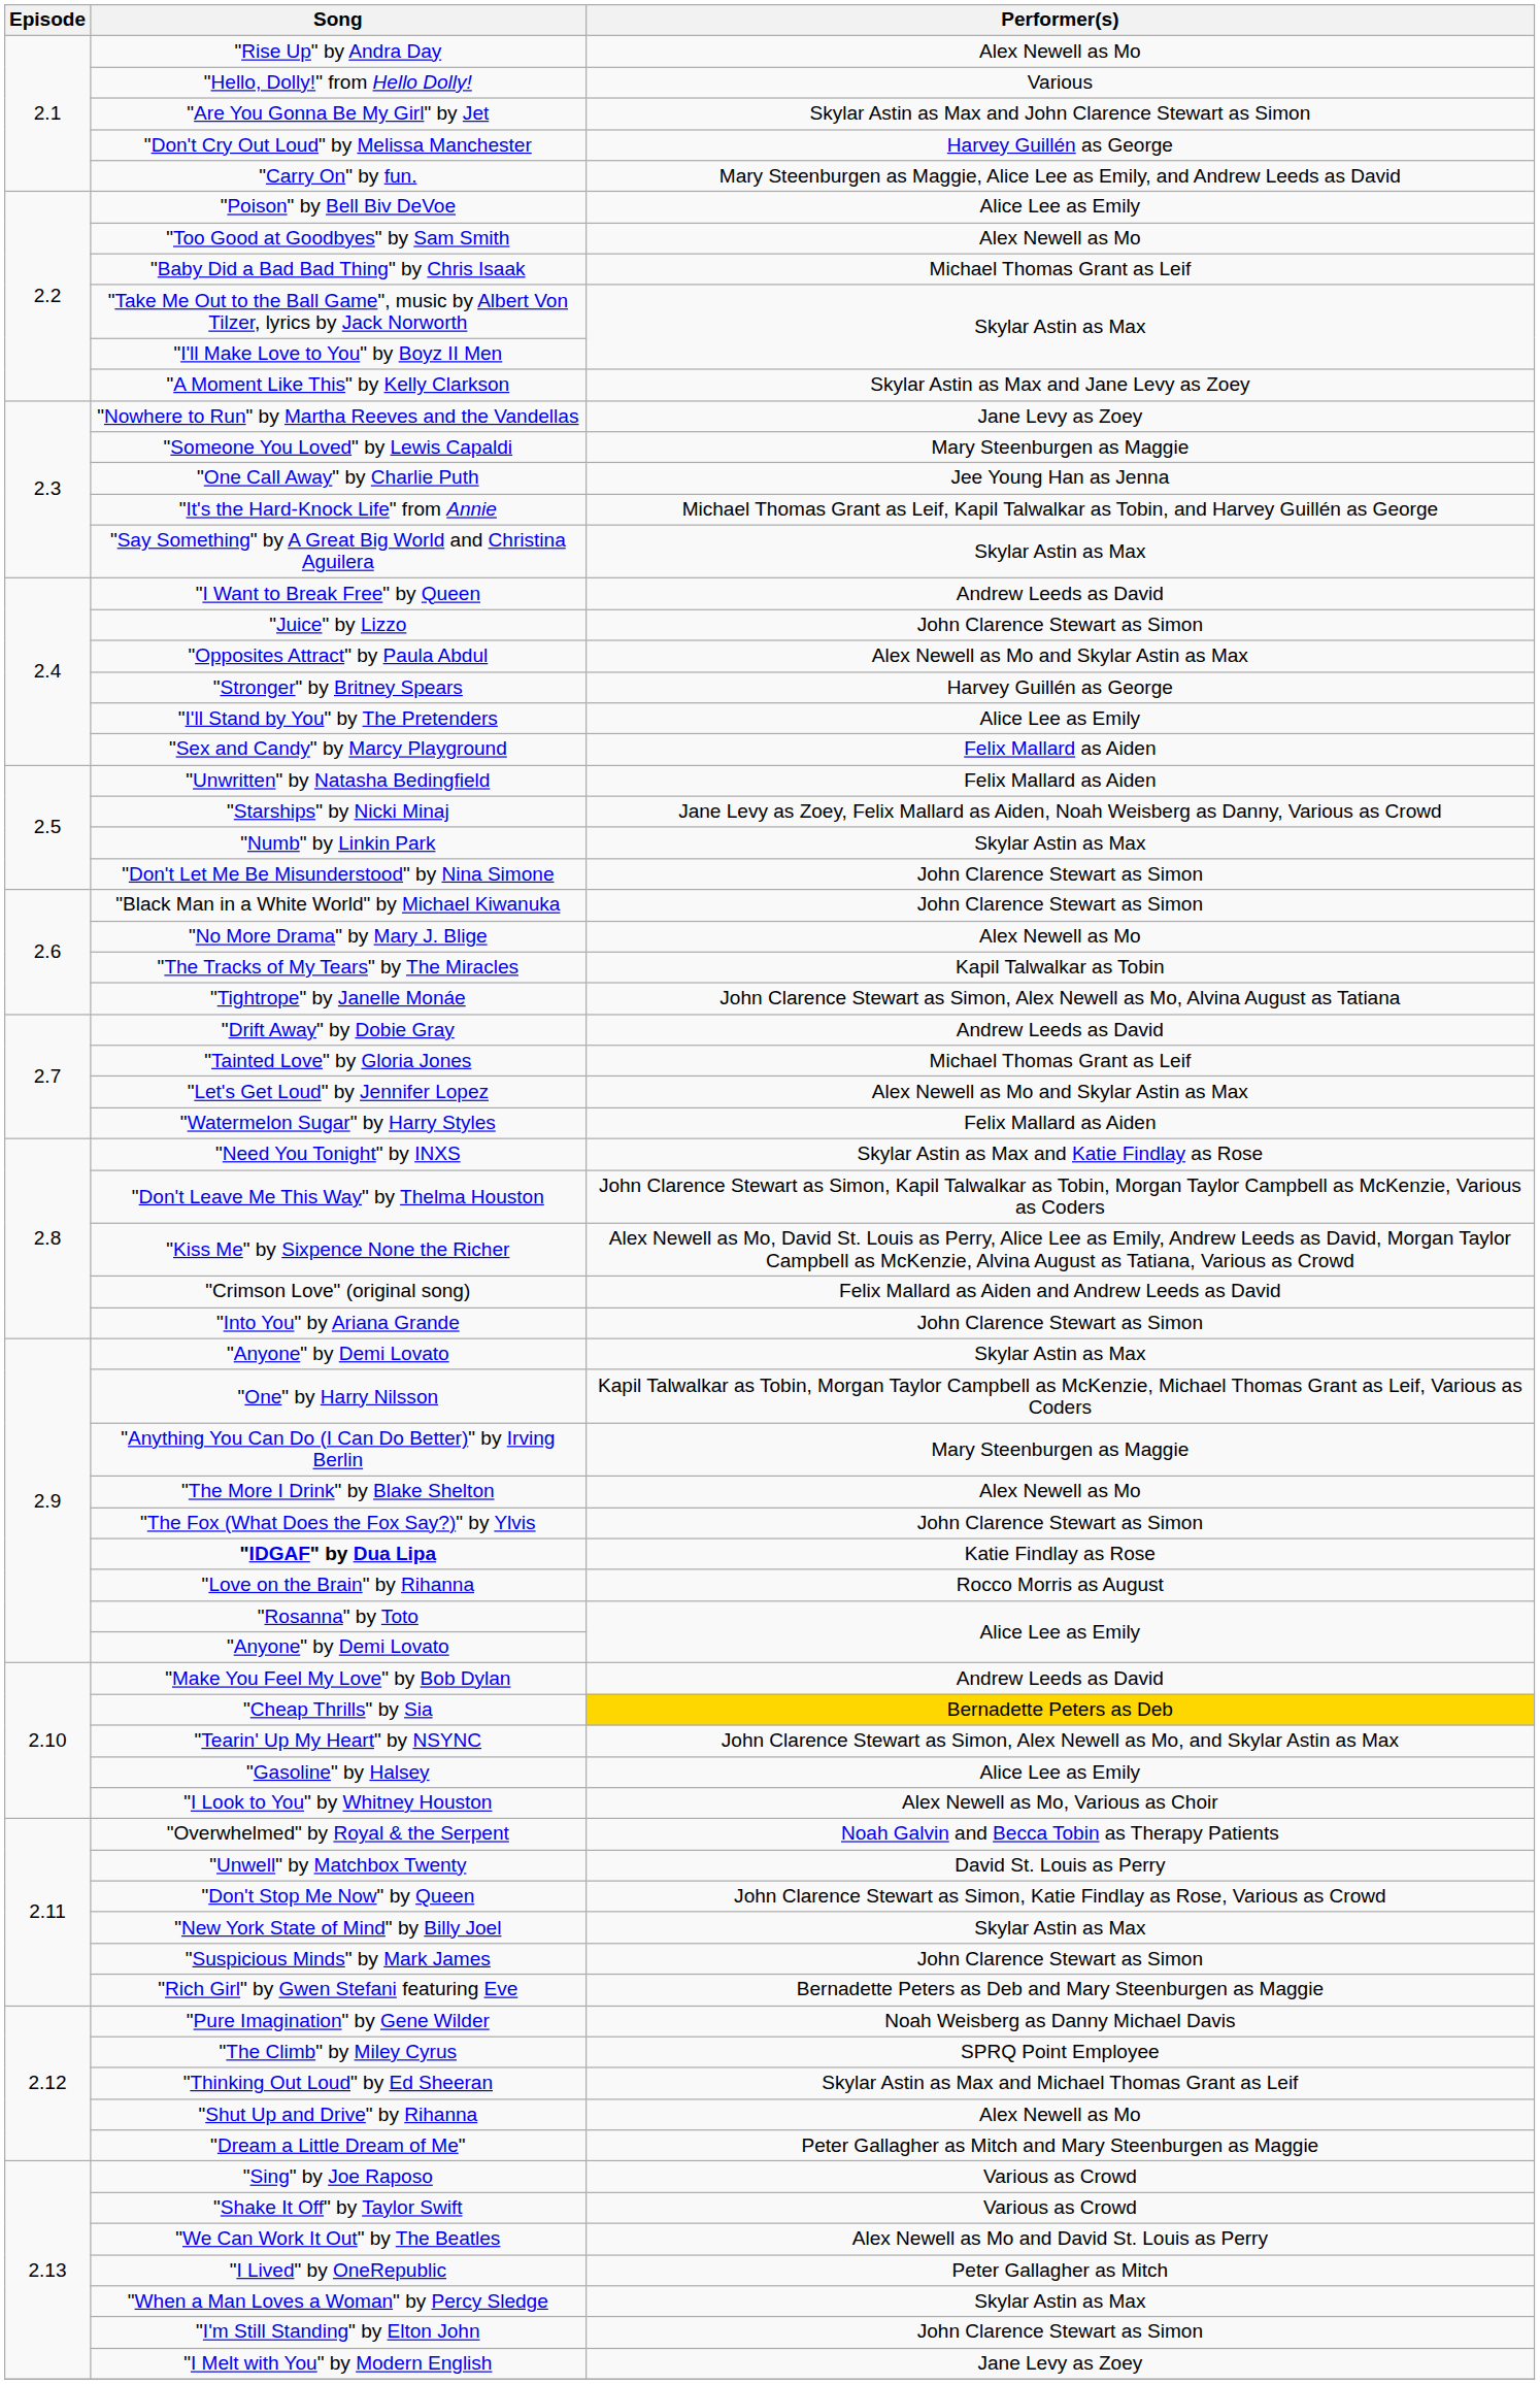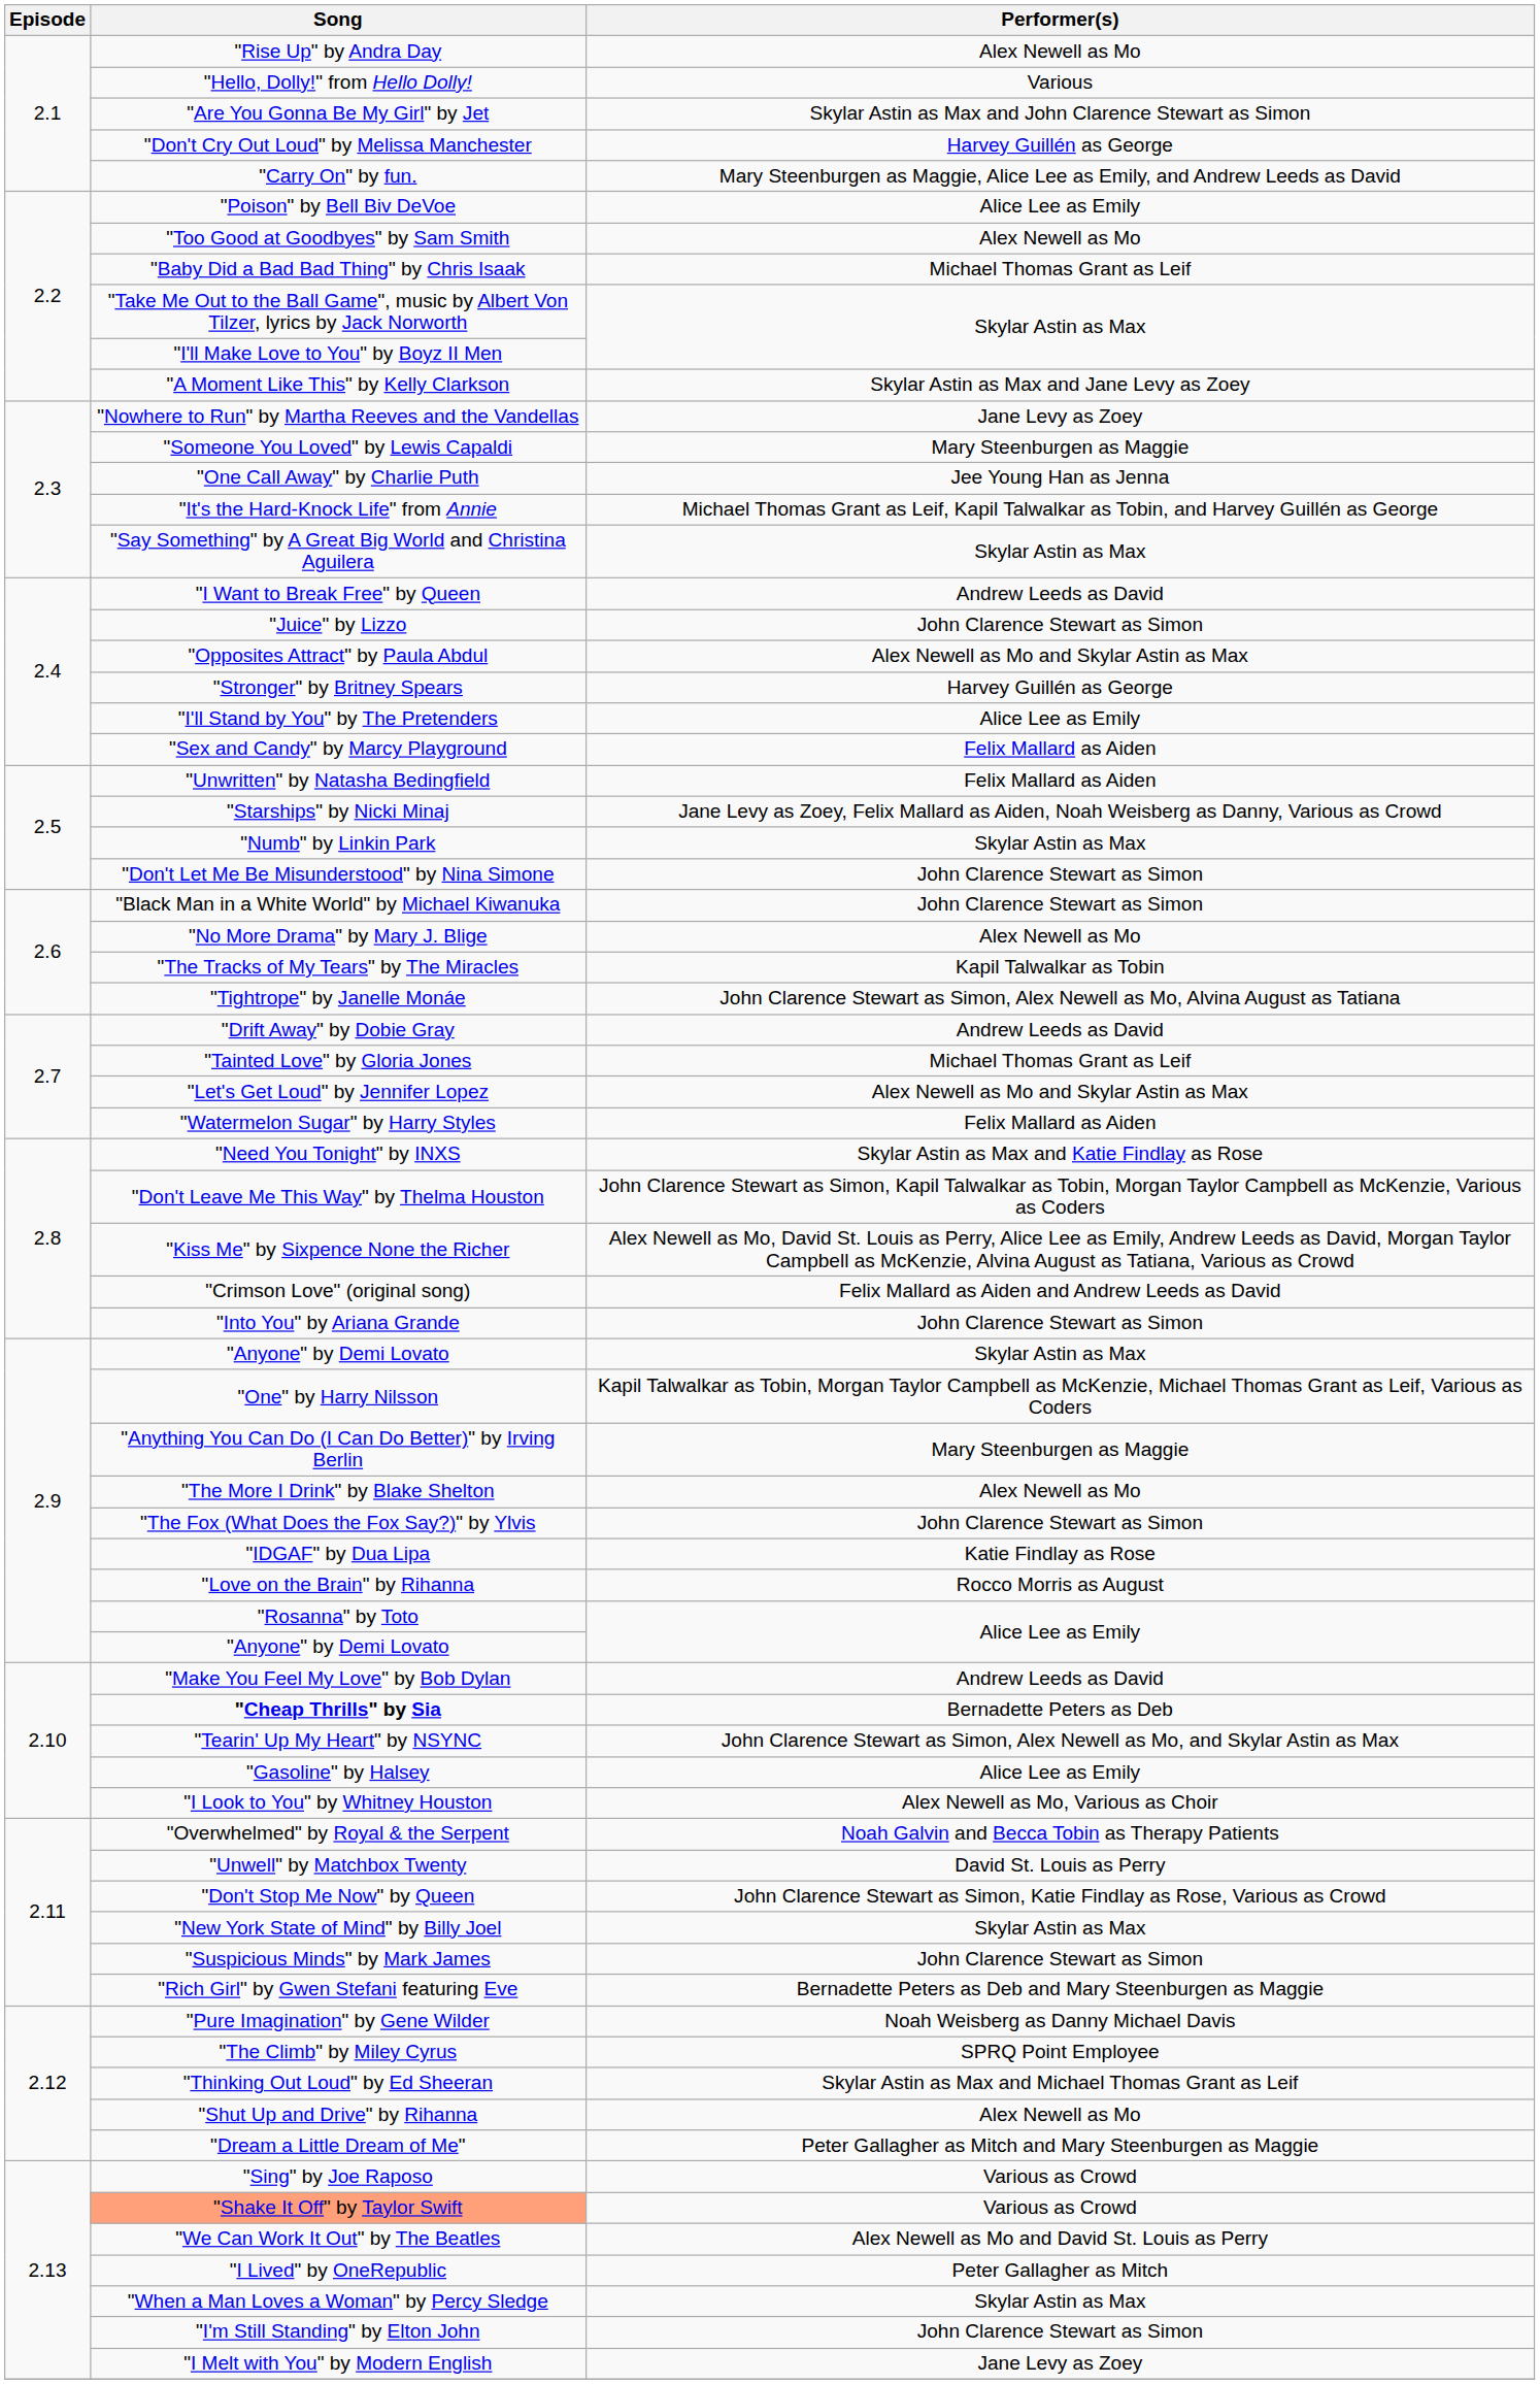 <table class="wikitable plainrowheaders" style="text-align:center;">
 <tr>
 <th style="row">Episode</th>
 <th style="row">Song</th>
 <th style="row">Performer(s)</th>
 </tr>
 <tr>
 <td rowspan="5">2.1</td>
 <td>"<a href='#'>Rise Up</a>" by <a href='#'>Andra Day</a></td>
 <td>Alex Newell as Mo</td>
 </tr>
 <tr>
 <td>"<a href='#'>Hello, Dolly!</a>" from <em><a href='#'>Hello Dolly!</a></em></td>
 <td>Various</td>
 </tr>
 <tr>
 <td>"<a href='#'>Are You Gonna Be My Girl</a>" by <a href='#'>Jet</a></td>
 <td>Skylar Astin as Max and John Clarence Stewart as Simon</td>
 </tr>
 <tr>
 <td>"<a href='#'>Don't Cry Out Loud</a>" by <a href='#'>Melissa Manchester</a></td>
 <td><a href='#'>Harvey Guillén</a> as George</td>
 </tr>
 <tr>
 <td>"<a href='#'>Carry On</a>" by <a href='#'>fun.</a></td>
 <td>Mary Steenburgen as Maggie, Alice Lee as Emily, and Andrew Leeds as David</td>
 </tr>
 <tr>
 <td rowspan="6">2.2</td>
 <td>"<a href='#'>Poison</a>" by <a href='#'>Bell Biv DeVoe</a></td>
 <td>Alice Lee as Emily</td>
 </tr>
 <tr>
 <td>"<a href='#'>Too Good at Goodbyes</a>" by <a href='#'>Sam Smith</a></td>
 <td>Alex Newell as Mo</td>
 </tr>
 <tr>
 <td>"<a href='#'>Baby Did a Bad Bad Thing</a>" by <a href='#'>Chris Isaak</a></td>
 <td>Michael Thomas Grant as Leif</td>
 </tr>
 <tr>
 <td>"<a href='#'>Take Me Out to the Ball Game</a>", music by <a href='#'>Albert Von Tilzer</a>, lyrics by <a href='#'>Jack Norworth</a></td>
 <td rowspan="2">Skylar Astin as Max</td>
 </tr>
 <tr>
 <td>"<a href='#'>I'll Make Love to You</a>" by <a href='#'>Boyz II Men</a></td>
 </tr>
 <tr>
 <td>"<a href='#'>A Moment Like This</a>" by <a href='#'>Kelly Clarkson</a></td>
 <td>Skylar Astin as Max and Jane Levy as Zoey</td>
 </tr>
 <tr>
 <td rowspan="5">2.3</td>
 <td>"<a href='#'>Nowhere to Run</a>" by <a href='#'>Martha Reeves and the Vandellas</a></td>
 <td>Jane Levy as Zoey</td>
 </tr>
 <tr>
 <td>"<a href='#'>Someone You Loved</a>" by <a href='#'>Lewis Capaldi</a></td>
 <td>Mary Steenburgen as Maggie</td>
 </tr>
 <tr>
 <td>"<a href='#'>One Call Away</a>" by <a href='#'>Charlie Puth</a></td>
 <td>Jee Young Han as Jenna</td>
 </tr>
 <tr>
 <td>"<a href='#'>It's the Hard-Knock Life</a>" from <em><a href='#'>Annie</a></em></td>
 <td>Michael Thomas Grant as Leif, Kapil Talwalkar as Tobin, and Harvey Guillén as George</td>
 </tr>
 <tr>
 <td>"<a href='#'>Say Something</a>" by <a href='#'>A Great Big World</a> and <a href='#'>Christina Aguilera</a></td>
 <td>Skylar Astin as Max</td>
 </tr>
 <tr>
 <td rowspan="6">2.4</td>
 <td>"<a href='#'>I Want to Break Free</a>" by <a href='#'>Queen</a></td>
 <td>Andrew Leeds as David</td>
 </tr>
 <tr>
 <td>"<a href='#'>Juice</a>" by <a href='#'>Lizzo</a></td>
 <td>John Clarence Stewart as Simon</td>
 </tr>
 <tr>
 <td>"<a href='#'>Opposites Attract</a>" by <a href='#'>Paula Abdul</a></td>
 <td>Alex Newell as Mo and Skylar Astin as Max</td>
 </tr>
 <tr>
 <td>"<a href='#'>Stronger</a>" by <a href='#'>Britney Spears</a></td>
 <td>Harvey Guillén as George</td>
 </tr>
 <tr>
 <td>"<a href='#'>I'll Stand by You</a>" by <a href='#'>The Pretenders</a></td>
 <td>Alice Lee as Emily</td>
 </tr>
 <tr>
 <td>"<a href='#'>Sex and Candy</a>" by <a href='#'>Marcy Playground</a></td>
 <td><a href='#'>Felix Mallard</a> as Aiden</td>
 </tr>
 <tr>
 <td rowspan="4">2.5</td>
 <td>"<a href='#'>Unwritten</a>" by <a href='#'>Natasha Bedingfield</a></td>
 <td>Felix Mallard as Aiden</td>
 </tr>
 <tr>
 <td>"<a href='#'>Starships</a>" by <a href='#'>Nicki Minaj</a></td>
 <td>Jane Levy as Zoey, Felix Mallard as Aiden, Noah Weisberg as Danny, Various as Crowd</td>
 </tr>
 <tr>
 <td>"<a href='#'>Numb</a>" by <a href='#'>Linkin Park</a></td>
 <td>Skylar Astin as Max</td>
 </tr>
 <tr>
 <td>"<a href='#'>Don't Let Me Be Misunderstood</a>" by <a href='#'>Nina Simone</a></td>
 <td>John Clarence Stewart as Simon</td>
 </tr>
 <tr>
 <td rowspan="4">2.6</td>
 <td>"Black Man in a White World" by <a href='#'>Michael Kiwanuka</a></td>
 <td>John Clarence Stewart as Simon</td>
 </tr>
 <tr>
 <td>"<a href='#'>No More Drama</a>" by <a href='#'>Mary J. Blige</a></td>
 <td>Alex Newell as Mo</td>
 </tr>
 <tr>
 <td>"<a href='#'>The Tracks of My Tears</a>" by <a href='#'>The Miracles</a></td>
 <td>Kapil Talwalkar as Tobin</td>
 </tr>
 <tr>
 <td>"<a href='#'>Tightrope</a>" by <a href='#'>Janelle Monáe</a></td>
 <td>John Clarence Stewart as Simon, Alex Newell as Mo, Alvina August as Tatiana</td>
 </tr>
 <tr>
 <td rowspan="4">2.7</td>
 <td>"<a href='#'>Drift Away</a>" by <a href='#'>Dobie Gray</a></td>
 <td>Andrew Leeds as David</td>
 </tr>
 <tr>
 <td>"<a href='#'>Tainted Love</a>" by <a href='#'>Gloria Jones</a></td>
 <td>Michael Thomas Grant as Leif</td>
 </tr>
 <tr>
 <td>"<a href='#'>Let's Get Loud</a>" by <a href='#'>Jennifer Lopez</a></td>
 <td>Alex Newell as Mo and Skylar Astin as Max</td>
 </tr>
 <tr>
 <td>"<a href='#'>Watermelon Sugar</a>" by <a href='#'>Harry Styles</a></td>
 <td>Felix Mallard as Aiden</td>
 </tr>
 <tr>
 <td rowspan="5">2.8</td>
 <td>"<a href='#'>Need You Tonight</a>" by <a href='#'>INXS</a></td>
 <td>Skylar Astin as Max and <a href='#'>Katie Findlay</a> as Rose</td>
 </tr>
 <tr>
 <td>"<a href='#'>Don't Leave Me This Way</a>" by <a href='#'>Thelma Houston</a></td>
 <td>John Clarence Stewart as Simon, Kapil Talwalkar as Tobin, Morgan Taylor Campbell as McKenzie, Various as Coders</td>
 </tr>
 <tr>
 <td>"<a href='#'>Kiss Me</a>" by <a href='#'>Sixpence None the Richer</a></td>
 <td>Alex Newell as Mo, David St. Louis as Perry, Alice Lee as Emily, Andrew Leeds as David, Morgan Taylor Campbell as McKenzie, Alvina August as Tatiana, Various as Crowd</td>
 </tr>
 <tr>
 <td>"Crimson Love" (original song)</td>
 <td>Felix Mallard as Aiden and Andrew Leeds as David</td>
 </tr>
 <tr>
 <td>"<a href='#'>Into You</a>" by <a href='#'>Ariana Grande</a></td>
 <td>John Clarence Stewart as Simon</td>
 </tr>
 <tr>
 <td rowspan="9">2.9</td>
 <td>"<a href='#'>Anyone</a>" by <a href='#'>Demi Lovato</a></td>
 <td>Skylar Astin as Max</td>
 </tr>
 <tr>
 <td>"<a href='#'>One</a>" by <a href='#'>Harry Nilsson</a></td>
 <td>Kapil Talwalkar as Tobin, Morgan Taylor Campbell as McKenzie, Michael Thomas Grant as Leif, Various as Coders</td>
 </tr>
 <tr>
 <td>"<a href='#'>Anything You Can Do (I Can Do Better)</a>" by <a href='#'>Irving Berlin</a></td>
 <td>Mary Steenburgen as Maggie</td>
 </tr>
 <tr>
 <td>"<a href='#'>The More I Drink</a>" by <a href='#'>Blake Shelton</a></td>
 <td>Alex Newell as Mo</td>
 </tr>
 <tr>
 <td>"<a href='#'>The Fox (What Does the Fox Say?)</a>" by <a href='#'>Ylvis</a></td>
 <td>John Clarence Stewart as Simon</td>
 </tr>
 <tr>
-<td><strong>"<a href='#'>IDGAF</a>" by <a href='#'>Dua Lipa</a></strong></td>
+<td>"<a href='#'>IDGAF</a>" by <a href='#'>Dua Lipa</a></td>
 <td>Katie Findlay as Rose</td>
 </tr>
 <tr>
 <td>"<a href='#'>Love on the Brain</a>" by <a href='#'>Rihanna</a></td>
 <td>Rocco Morris as August</td>
 </tr>
 <tr>
 <td>"<a href='#'>Rosanna</a>" by <a href='#'>Toto</a></td>
 <td rowspan="2">Alice Lee as Emily</td>
 </tr>
 <tr>
 <td>"<a href='#'>Anyone</a>" by <a href='#'>Demi Lovato</a></td>
 </tr>
 <tr>
 <td rowspan="5">2.10</td>
 <td>"<a href='#'>Make You Feel My Love</a>" by <a href='#'>Bob Dylan</a></td>
 <td>Andrew Leeds as David</td>
 </tr>
 <tr>
-<td>"<a href='#'>Cheap Thrills</a>" by <a href='#'>Sia</a></td>
-<td style="background: gold;">Bernadette Peters as Deb</td>
+<td><strong>"<a href='#'>Cheap Thrills</a>" by <a href='#'>Sia</a></strong></td>
+<td>Bernadette Peters as Deb</td>
 </tr>
 <tr>
 <td>"<a href='#'>Tearin' Up My Heart</a>" by <a href='#'>NSYNC</a></td>
 <td>John Clarence Stewart as Simon, Alex Newell as Mo, and Skylar Astin as Max</td>
 </tr>
 <tr>
 <td>"<a href='#'>Gasoline</a>" by <a href='#'>Halsey</a></td>
 <td>Alice Lee as Emily</td>
 </tr>
 <tr>
 <td>"<a href='#'>I Look to You</a>" by <a href='#'>Whitney Houston</a></td>
 <td>Alex Newell as Mo, Various as Choir</td>
 </tr>
 <tr>
 <td rowspan="6">2.11</td>
 <td>"Overwhelmed" by <a href='#'>Royal & the Serpent</a></td>
 <td><a href='#'>Noah Galvin</a> and <a href='#'>Becca Tobin</a> as Therapy Patients</td>
 </tr>
 <tr>
 <td>"<a href='#'>Unwell</a>" by <a href='#'>Matchbox Twenty</a></td>
 <td>David St. Louis as Perry</td>
 </tr>
 <tr>
 <td>"<a href='#'>Don't Stop Me Now</a>" by <a href='#'>Queen</a></td>
 <td>John Clarence Stewart as Simon, Katie Findlay as Rose, Various as Crowd</td>
 </tr>
 <tr>
 <td>"<a href='#'>New York State of Mind</a>" by <a href='#'>Billy Joel</a></td>
 <td>Skylar Astin as Max</td>
 </tr>
 <tr>
 <td>"<a href='#'>Suspicious Minds</a>" by <a href='#'>Mark James</a></td>
 <td>John Clarence Stewart as Simon</td>
 </tr>
 <tr>
 <td>"<a href='#'>Rich Girl</a>" by <a href='#'>Gwen Stefani</a> featuring <a href='#'>Eve</a></td>
 <td>Bernadette Peters as Deb and Mary Steenburgen as Maggie</td>
 </tr>
 <tr>
 <td rowspan="5">2.12</td>
 <td>"<a href='#'>Pure Imagination</a>" by <a href='#'>Gene Wilder</a></td>
 <td>Noah Weisberg as Danny Michael Davis</td>
 </tr>
 <tr>
 <td>"<a href='#'>The Climb</a>" by <a href='#'>Miley Cyrus</a></td>
 <td>SPRQ Point Employee</td>
 </tr>
 <tr>
 <td>"<a href='#'>Thinking Out Loud</a>" by <a href='#'>Ed Sheeran</a></td>
 <td>Skylar Astin as Max and Michael Thomas Grant as Leif</td>
 </tr>
 <tr>
 <td>"<a href='#'>Shut Up and Drive</a>" by <a href='#'>Rihanna</a></td>
 <td>Alex Newell as Mo</td>
 </tr>
 <tr>
 <td>"<a href='#'>Dream a Little Dream of Me</a>"</td>
 <td>Peter Gallagher as Mitch and Mary Steenburgen as Maggie</td>
 </tr>
 <tr>
 <td rowspan="7">2.13</td>
 <td>"<a href='#'>Sing</a>" by <a href='#'>Joe Raposo</a></td>
 <td>Various as Crowd</td>
 </tr>
 <tr>
-<td>"<a href='#'>Shake It Off</a>" by <a href='#'>Taylor Swift</a></td>
+<td style="background: lightsalmon;">"<a href='#'>Shake It Off</a>" by <a href='#'>Taylor Swift</a></td>
 <td>Various as Crowd</td>
 </tr>
 <tr>
 <td>"<a href='#'>We Can Work It Out</a>" by <a href='#'>The Beatles</a></td>
 <td>Alex Newell as Mo and David St. Louis as Perry</td>
 </tr>
 <tr>
 <td>"<a href='#'>I Lived</a>" by <a href='#'>OneRepublic</a></td>
 <td>Peter Gallagher as Mitch</td>
 </tr>
 <tr>
 <td>"<a href='#'>When a Man Loves a Woman</a>" by <a href='#'>Percy Sledge</a></td>
 <td>Skylar Astin as Max</td>
 </tr>
 <tr>
 <td>"<a href='#'>I'm Still Standing</a>" by <a href='#'>Elton John</a></td>
 <td>John Clarence Stewart as Simon</td>
 </tr>
 <tr>
 <td>"<a href='#'>I Melt with You</a>" by <a href='#'>Modern English</a></td>
 <td>Jane Levy as Zoey</td>
 </tr>
 <tr>
 </tr>
 </table>
